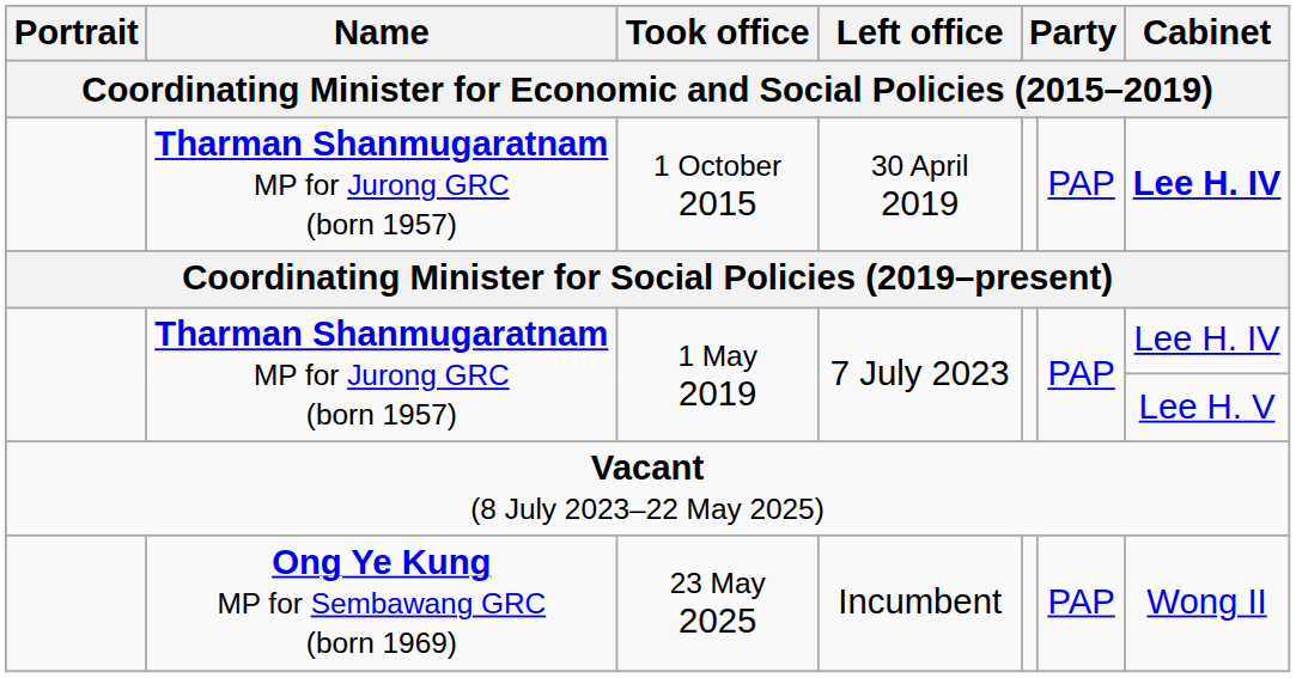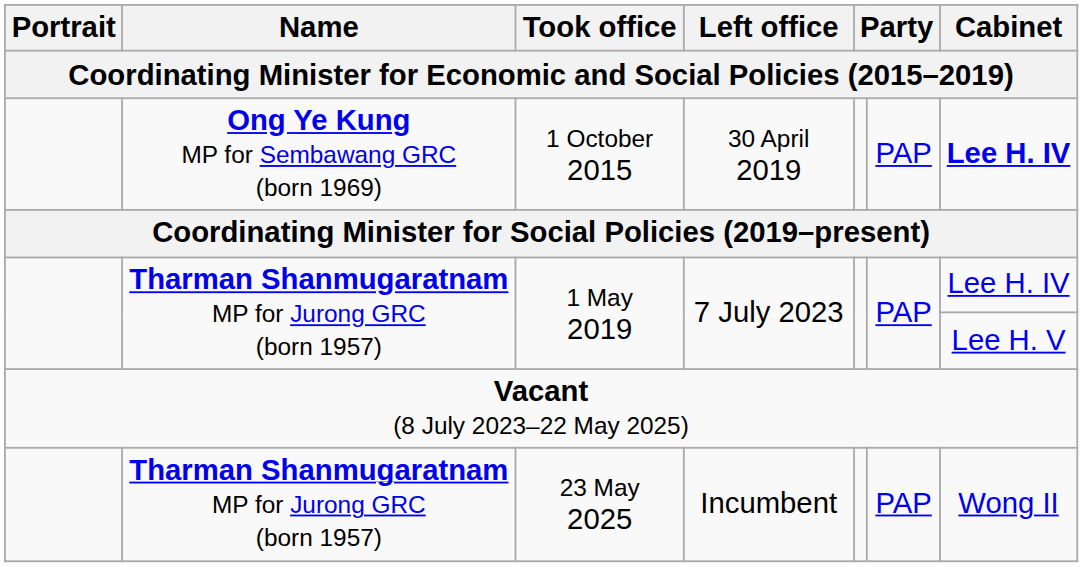 <table class="wikitable" style="text-align:center; border:1px #aaf solid;">
 <tr>
 <th>Portrait</th>
 <th>Name<br></th>
 <th width="85">Took office</th>
 <th width="85">Left office</th>
 <th colspan="2">Party</th>
 <th>Cabinet</th>
 </tr>
 <tr>
 <th colspan="7">Coordinating Minister for Economic and Social Policies (2015–2019)</th>
 </tr>
 <tr>
 <td></td>
-<td><strong><a href='#'>Tharman Shanmugaratnam</a></strong><br><small>MP for <a href='#'>Jurong GRC</a></small><br><small>(born 1957)</small></td>
+<td><strong><a href='#'>Ong Ye Kung</a></strong><br><small>MP for <a href='#'>Sembawang GRC</a></small><br><small>(born 1969)</small></td>
 <td><small>1 October</small><br>2015</td>
 <td><small>30 April</small><br>2019</td>
 <td style="background:"></td>
 <td><a href='#'>PAP</a></td>
 <td><strong><a href='#'>Lee H. IV</a></strong></td>
 </tr>
 <tr>
 <th colspan="7">Coordinating Minister for Social Policies (2019–present)</th>
 </tr>
 <tr>
 <td rowspan="2"></td>
 <td rowspan="2"><strong><a href='#'>Tharman Shanmugaratnam</a></strong><br><small>MP for <a href='#'>Jurong GRC</a></small><br><small>(born 1957)</small></td>
 <td rowspan="2"><small>1 May</small><br>2019</td>
 <td rowspan="2">7 July 2023</td>
 <td rowspan="2" style="background:"></td>
 <td rowspan="2"><a href='#'>PAP</a></td>
 <td><a href='#'>Lee H. IV</a></td>
 </tr>
 <tr>
 <td><a href='#'>Lee H. V</a></td>
 </tr>
 <tr>
 <td colspan="7"><strong>Vacant</strong><br><small>(8 July 2023–22 May 2025)</small></td>
 </tr>
 <tr>
 <td rowspan="1"><br></td>
-<td><strong><a href='#'>Ong Ye Kung</a></strong><br><small>MP for <a href='#'>Sembawang GRC</a></small><br><small>(born 1969)</small></td>
+<td><strong><a href='#'>Tharman Shanmugaratnam</a></strong><br><small>MP for <a href='#'>Jurong GRC</a></small><br><small>(born 1957)</small></td>
 <td><small>23 May</small><br>2025</td>
 <td>Incumbent</td>
 <td rowspan="2" style="background:"></td>
 <td><a href='#'>PAP</a></td>
 <td><a href='#'>Wong II</a></td>
 </tr>
 </table>
